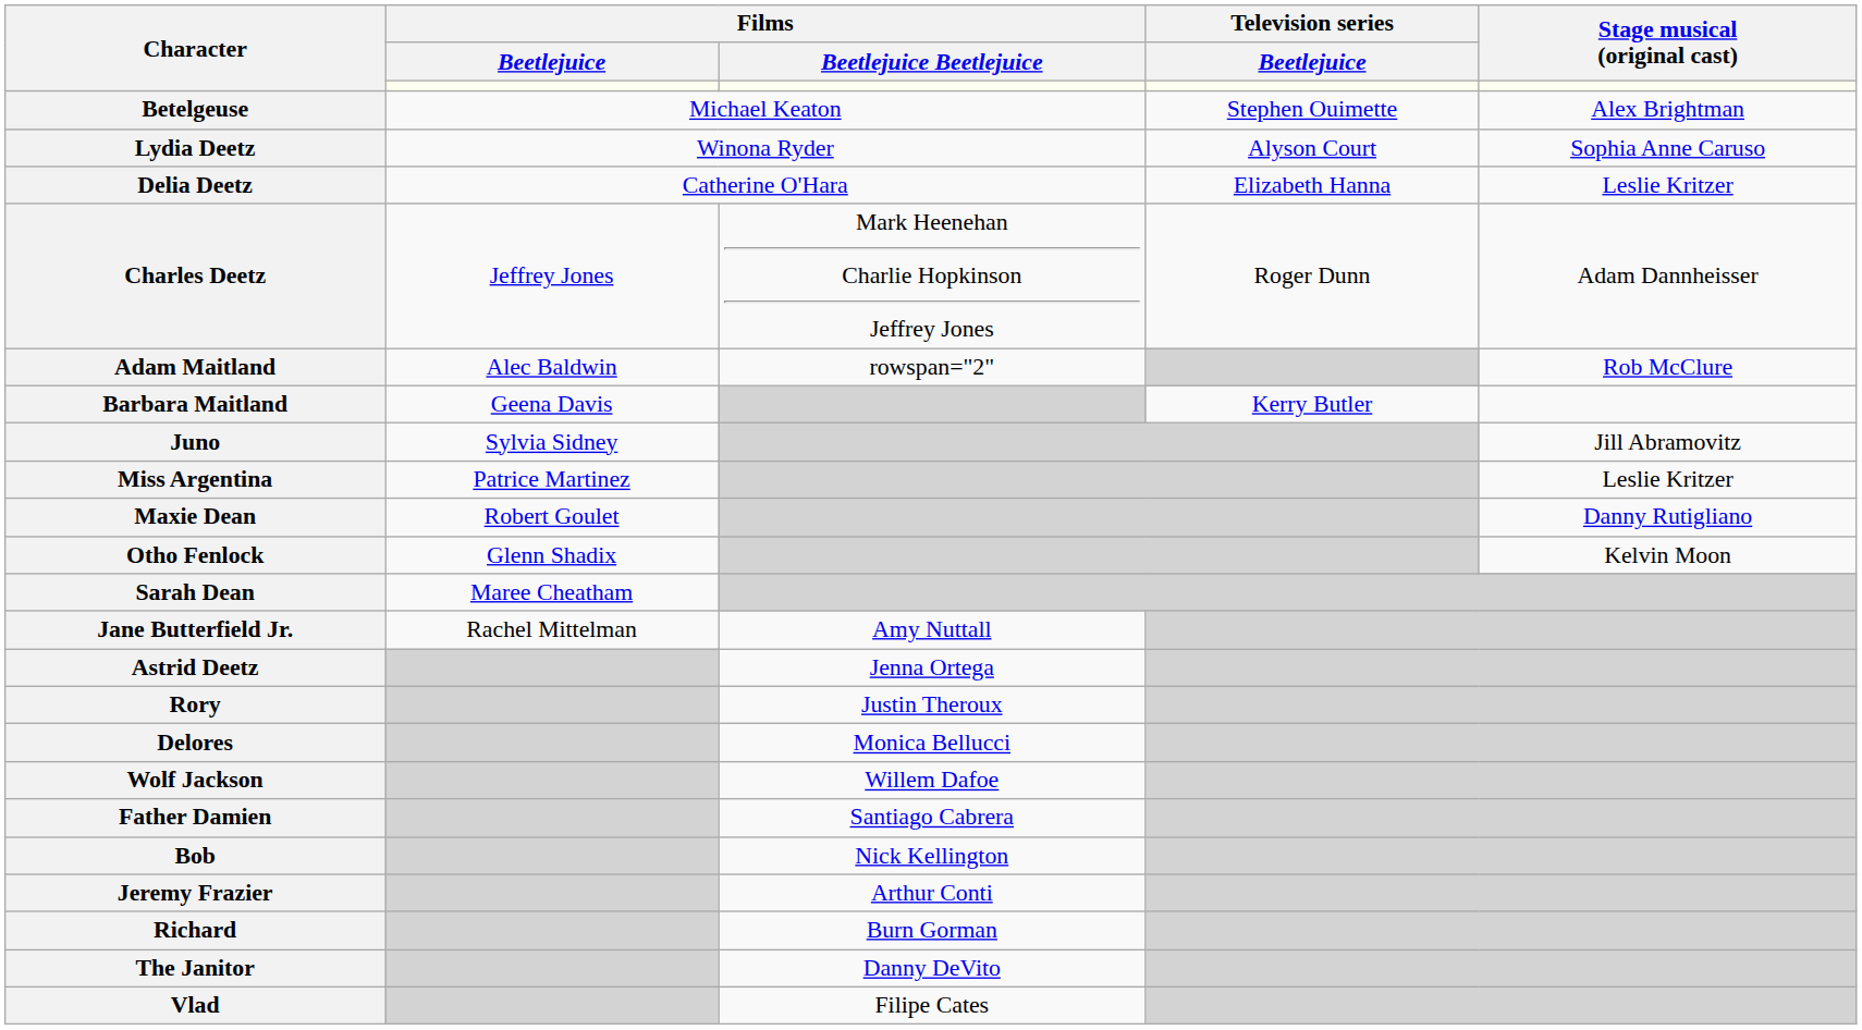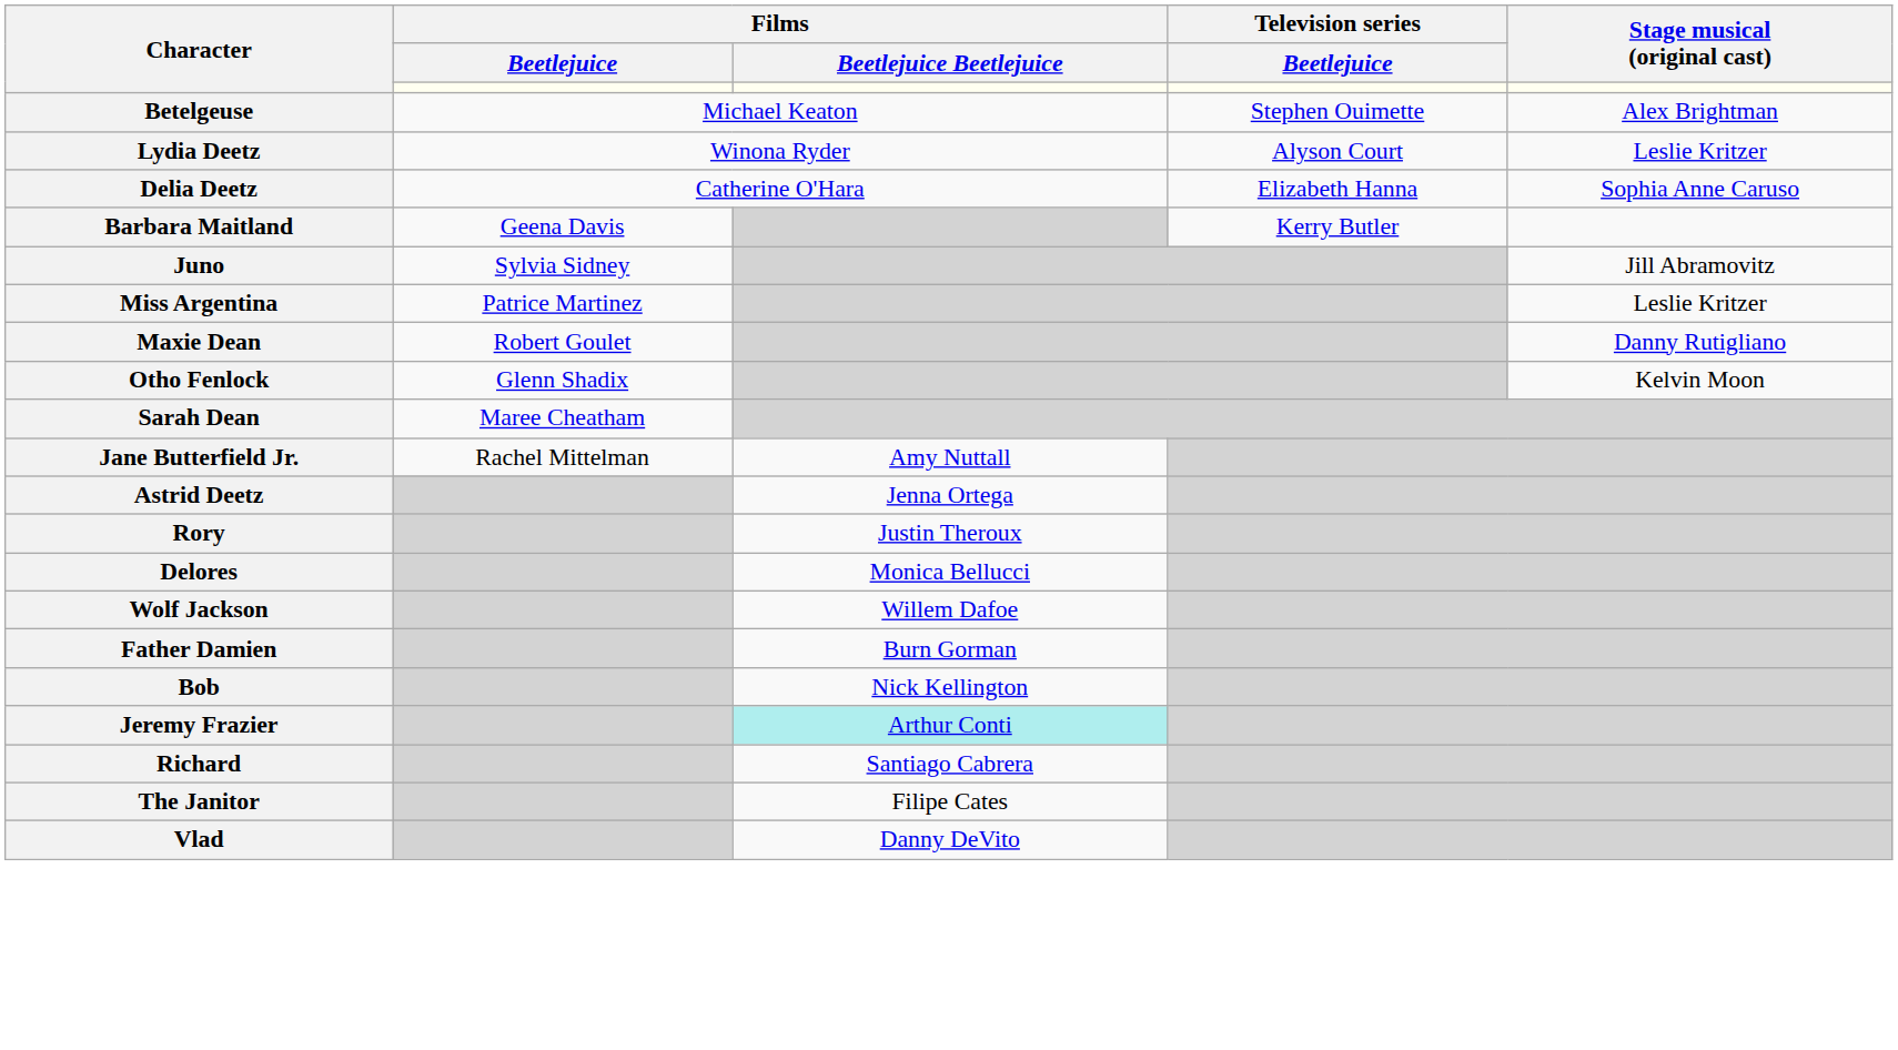 <table class="wikitable" style="text-align:center; width:99%;">
 <tr>
 <th rowspan="3">Character</th>
 <th colspan="2">Films</th>
 <th>Television series</th>
 <th rowspan="2"><a href='#'>Stage musical</a><br>(original cast)</th>
 </tr>
 <tr>
 <th style="text-align:center;"><em><a href='#'>Beetlejuice</a></em></th>
 <th style="text-align:center;"><em><a href='#'>Beetlejuice Beetlejuice</a></em></th>
 <th style="text-align:center;"><em><a href='#'>Beetlejuice</a></em></th>
 </tr>
 <tr>
 <th style="background:ivory;"></th>
 <th style="background:ivory;"></th>
 <th style="background:ivory;"></th>
 <th style="background:ivory;"></th>
 </tr>
 <tr>
 <th>Betelgeuse<br></th>
 <td colspan="2"><a href='#'>Michael Keaton</a></td>
 <td><a href='#'>Stephen Ouimette</a></td>
 <td><a href='#'>Alex Brightman</a></td>
 </tr>
 <tr>
 <th>Lydia Deetz</th>
 <td colspan="2"><a href='#'>Winona Ryder</a></td>
 <td><a href='#'>Alyson Court</a></td>
-<td><a href='#'>Sophia Anne Caruso</a></td>
+<td><a href='#'>Leslie Kritzer</a></td>
 </tr>
 <tr>
 <th>Delia Deetz</th>
 <td colspan="2"><a href='#'>Catherine O'Hara</a></td>
 <td><a href='#'>Elizabeth Hanna</a></td>
-<td><a href='#'>Leslie Kritzer</a></td>
-</tr>
-<tr>
-<th>Charles Deetz</th>
-<td><a href='#'>Jeffrey Jones</a></td>
-<td>Mark Heenehan<hr>Charlie Hopkinson<hr>Jeffrey Jones</td>
-<td>Roger Dunn</td>
-<td>Adam Dannheisser</td>
-</tr>
-<tr>
-<th>Adam Maitland</th>
-<td><a href='#'>Alec Baldwin</a></td>
-<td>rowspan="2" </td>
-<td style="background:lightgrey;"></td>
-<td><a href='#'>Rob McClure</a></td>
+<td><a href='#'>Sophia Anne Caruso</a></td>
 </tr>
 <tr>
 <th>Barbara Maitland</th>
 <td><a href='#'>Geena Davis</a></td>
 <td style="background:lightgrey;"></td>
 <td><a href='#'>Kerry Butler</a></td>
 </tr>
 <tr>
 <th>Juno</th>
 <td><a href='#'>Sylvia Sidney</a></td>
 <td colspan="2" style="background:lightgrey;"></td>
 <td>Jill Abramovitz</td>
 </tr>
 <tr>
 <th>Miss Argentina</th>
 <td><a href='#'>Patrice Martinez</a></td>
 <td colspan="2" style="background:lightgrey;"></td>
 <td>Leslie Kritzer</td>
 </tr>
 <tr>
 <th>Maxie Dean</th>
 <td><a href='#'>Robert Goulet</a></td>
 <td colspan="2" style="background:lightgrey;"></td>
 <td><a href='#'>Danny Rutigliano</a></td>
 </tr>
 <tr>
 <th>Otho Fenlock</th>
 <td><a href='#'>Glenn Shadix</a></td>
 <td colspan="2" style="background:lightgrey;"></td>
 <td>Kelvin Moon</td>
 </tr>
 <tr>
 <th>Sarah Dean</th>
 <td><a href='#'>Maree Cheatham</a></td>
 <td colspan="3" style="background:lightgrey;"></td>
 </tr>
 <tr>
 <th>Jane Butterfield Jr.</th>
 <td>Rachel Mittelman</td>
 <td><a href='#'>Amy Nuttall</a></td>
 <td colspan="2" style="background:lightgrey;"></td>
 </tr>
 <tr>
 <th>Astrid Deetz</th>
 <td style="background:lightgrey;"></td>
 <td><a href='#'>Jenna Ortega</a></td>
 <td colspan="2" style="background:lightgrey;"></td>
 </tr>
 <tr>
 <th>Rory</th>
 <td style="background:lightgrey;"></td>
 <td><a href='#'>Justin Theroux</a></td>
 <td colspan="2" style="background:lightgrey;"></td>
 </tr>
 <tr>
 <th>Delores</th>
 <td style="background:lightgrey;"></td>
 <td><a href='#'>Monica Bellucci</a></td>
 <td colspan="2" style="background:lightgrey;"></td>
 </tr>
 <tr>
 <th>Wolf Jackson</th>
 <td style="background:lightgrey;"></td>
 <td><a href='#'>Willem Dafoe</a></td>
 <td colspan="2" style="background:lightgrey;"></td>
 </tr>
 <tr>
 <th>Father Damien</th>
 <td style="background:lightgrey;"></td>
-<td><a href='#'>Santiago Cabrera</a></td>
+<td><a href='#'>Burn Gorman</a></td>
 <td colspan="2" style="background:lightgrey;"></td>
 </tr>
 <tr>
 <th>Bob</th>
 <td style="background:lightgrey;"></td>
 <td><a href='#'>Nick Kellington</a></td>
 <td colspan="2" style="background:lightgrey;"></td>
 </tr>
 <tr>
 <th>Jeremy Frazier</th>
 <td style="background:lightgrey;"></td>
-<td><a href='#'>Arthur Conti</a></td>
+<td style="background: paleturquoise;"><a href='#'>Arthur Conti</a></td>
 <td colspan="2" style="background:lightgrey;"></td>
 </tr>
 <tr>
 <th>Richard</th>
 <td style="background:lightgrey;"></td>
-<td><a href='#'>Burn Gorman</a></td>
+<td><a href='#'>Santiago Cabrera</a></td>
 <td colspan="2" style="background:lightgrey;"></td>
 </tr>
 <tr>
 <th>The Janitor</th>
 <td style="background:lightgrey;"></td>
-<td><a href='#'>Danny DeVito</a></td>
+<td>Filipe Cates</td>
 <td colspan="2" style="background:lightgrey;"></td>
 </tr>
 <tr>
 <th>Vlad</th>
 <td style="background:lightgrey;"></td>
-<td>Filipe Cates</td>
+<td><a href='#'>Danny DeVito</a></td>
 <td colspan="2" style="background:lightgrey;"></td>
 </tr>
 </table>
